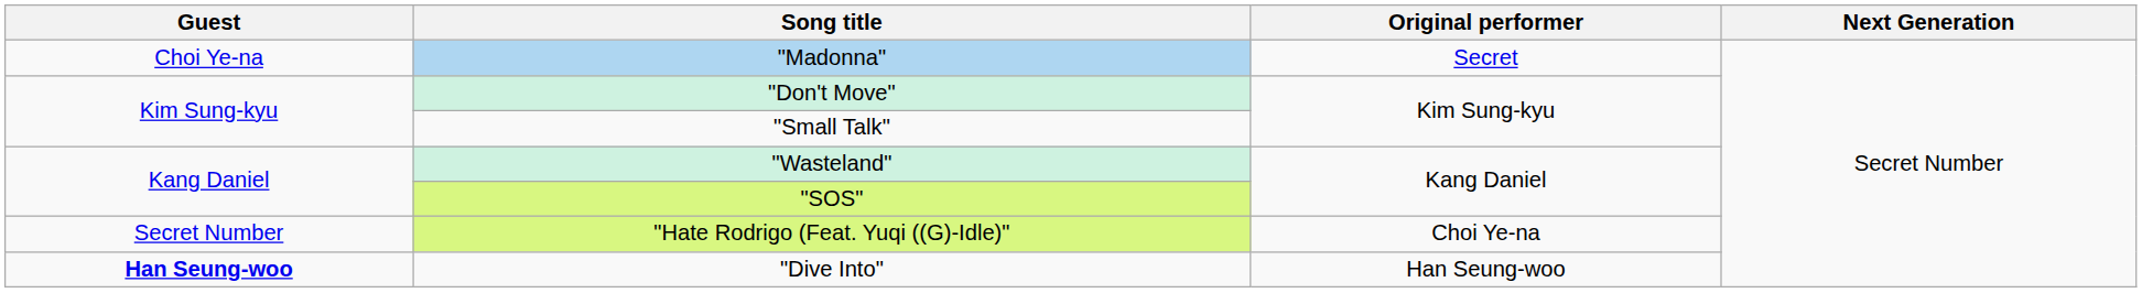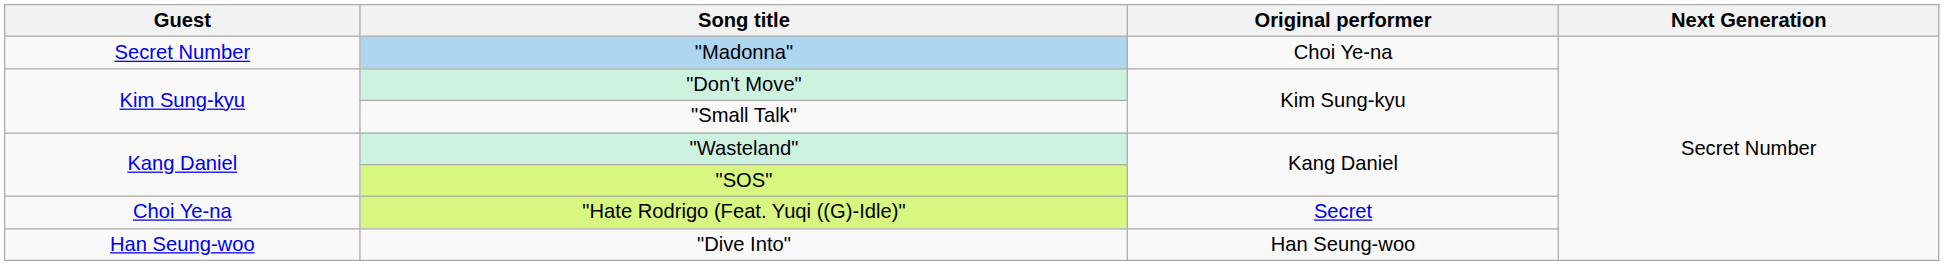 <table Class ="wikitable" style="text-align:center; clear:both; text-align:center; width:97%">
 <tr>
 <th>Guest</th>
 <th>Song title</th>
 <th>Original performer</th>
 <th>Next Generation</th>
 </tr>
 <tr>
-<td><a href='#'>Choi Ye-na</a></td>
+<td><a href='#'>Secret Number</a></td>
 <td bgcolor="#aed6f1">"Madonna"</td>
-<td><a href='#'>Secret</a></td>
+<td>Choi Ye-na</td>
 <td rowspan="8">Secret Number</td>
 </tr>
 <tr>
 <td rowspan="2"><a href='#'>Kim Sung-kyu</a></td>
 <td bgcolor="#CEF2E0">"Don't Move"</td>
 <td rowspan="2">Kim Sung-kyu</td>
 </tr>
 <tr>
 <td>"Small Talk"</td>
 </tr>
 <tr>
 <td rowspan="2"><a href='#'>Kang Daniel</a></td>
 <td bgcolor="#CEF2E0">"Wasteland"</td>
 <td rowspan="2">Kang Daniel</td>
 </tr>
 <tr>
 <td bgcolor="#D8F781">"SOS"</td>
 </tr>
 <tr>
-<td><a href='#'>Secret Number</a></td>
+<td><a href='#'>Choi Ye-na</a></td>
 <td bgcolor="#D8F781">"Hate Rodrigo (Feat. Yuqi ((G)-Idle)"</td>
-<td>Choi Ye-na</td>
+<td><a href='#'>Secret</a></td>
 </tr>
 <tr>
-<td><strong><a href='#'>Han Seung-woo</a></strong></td>
+<td><a href='#'>Han Seung-woo</a></td>
 <td>"Dive Into"</td>
 <td>Han Seung-woo</td>
 </tr>
 </table>
